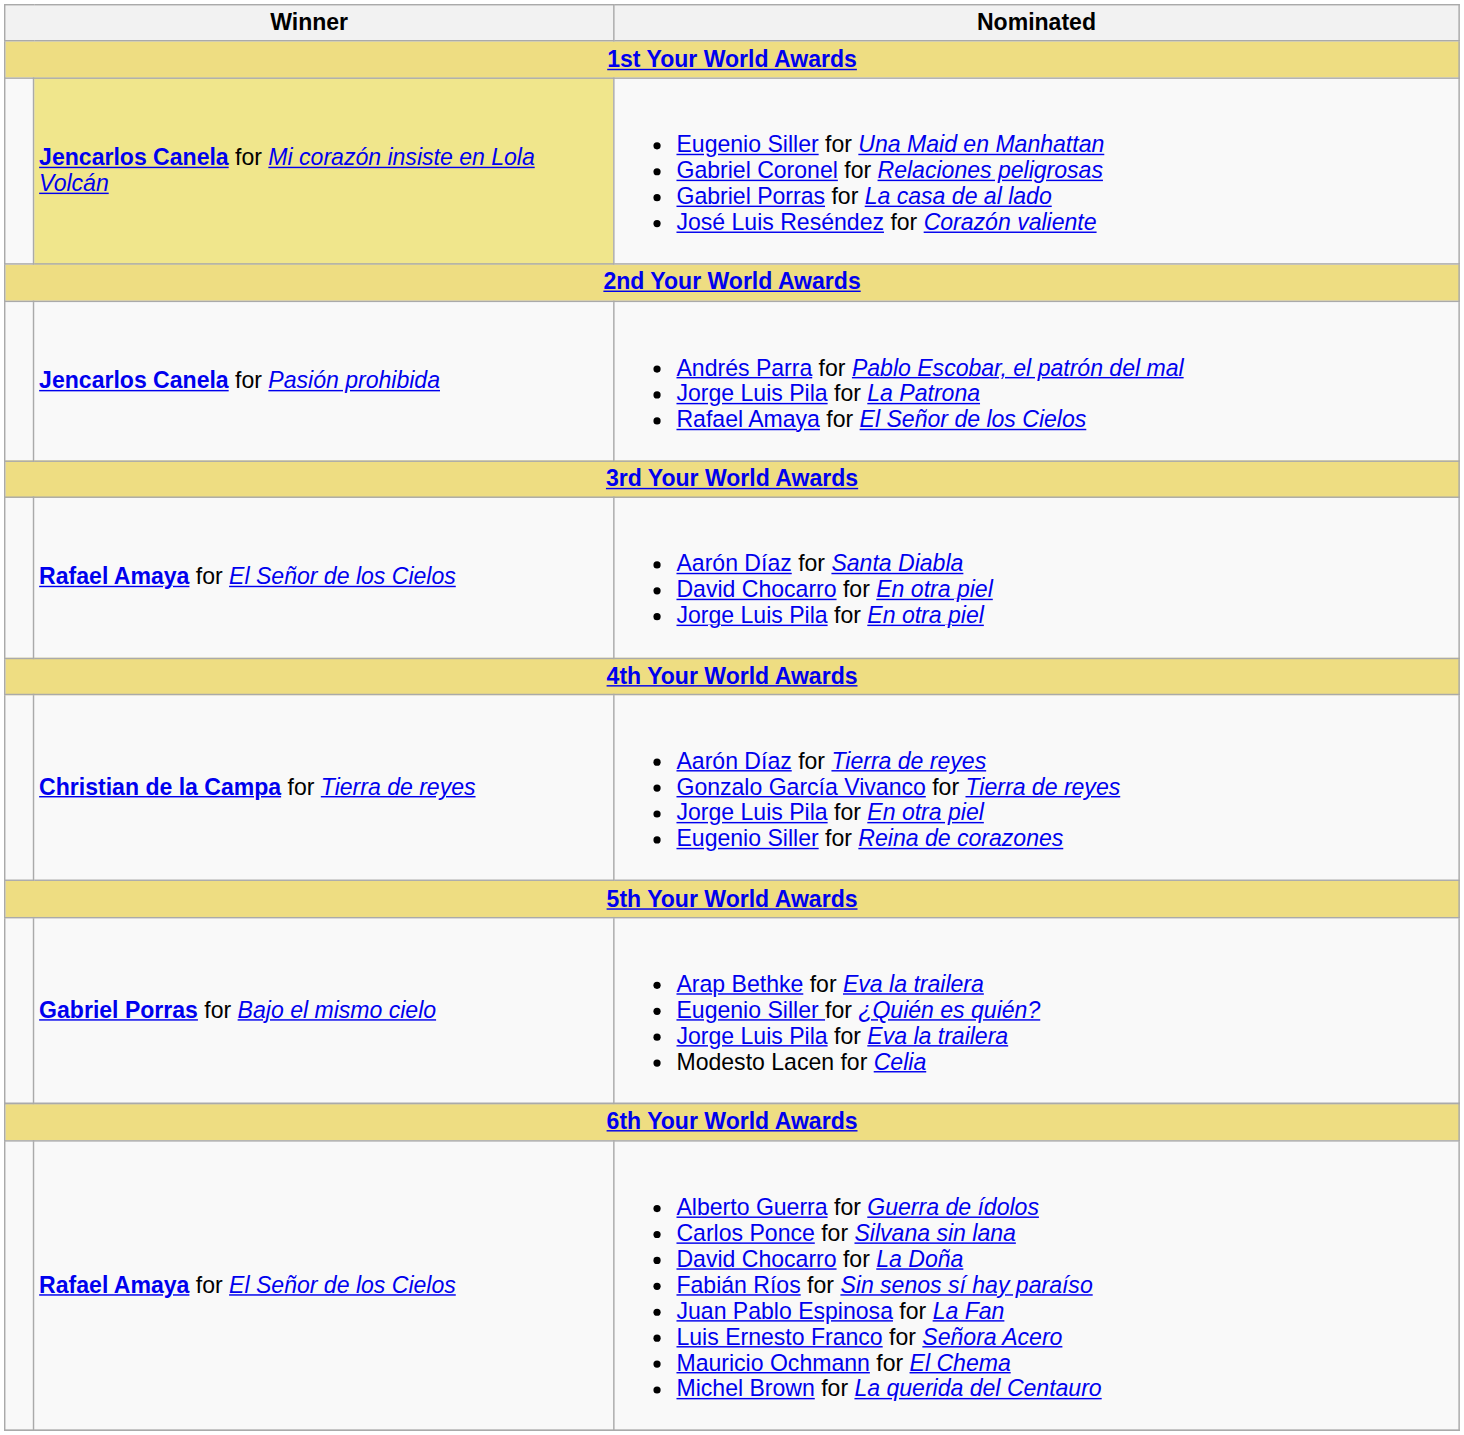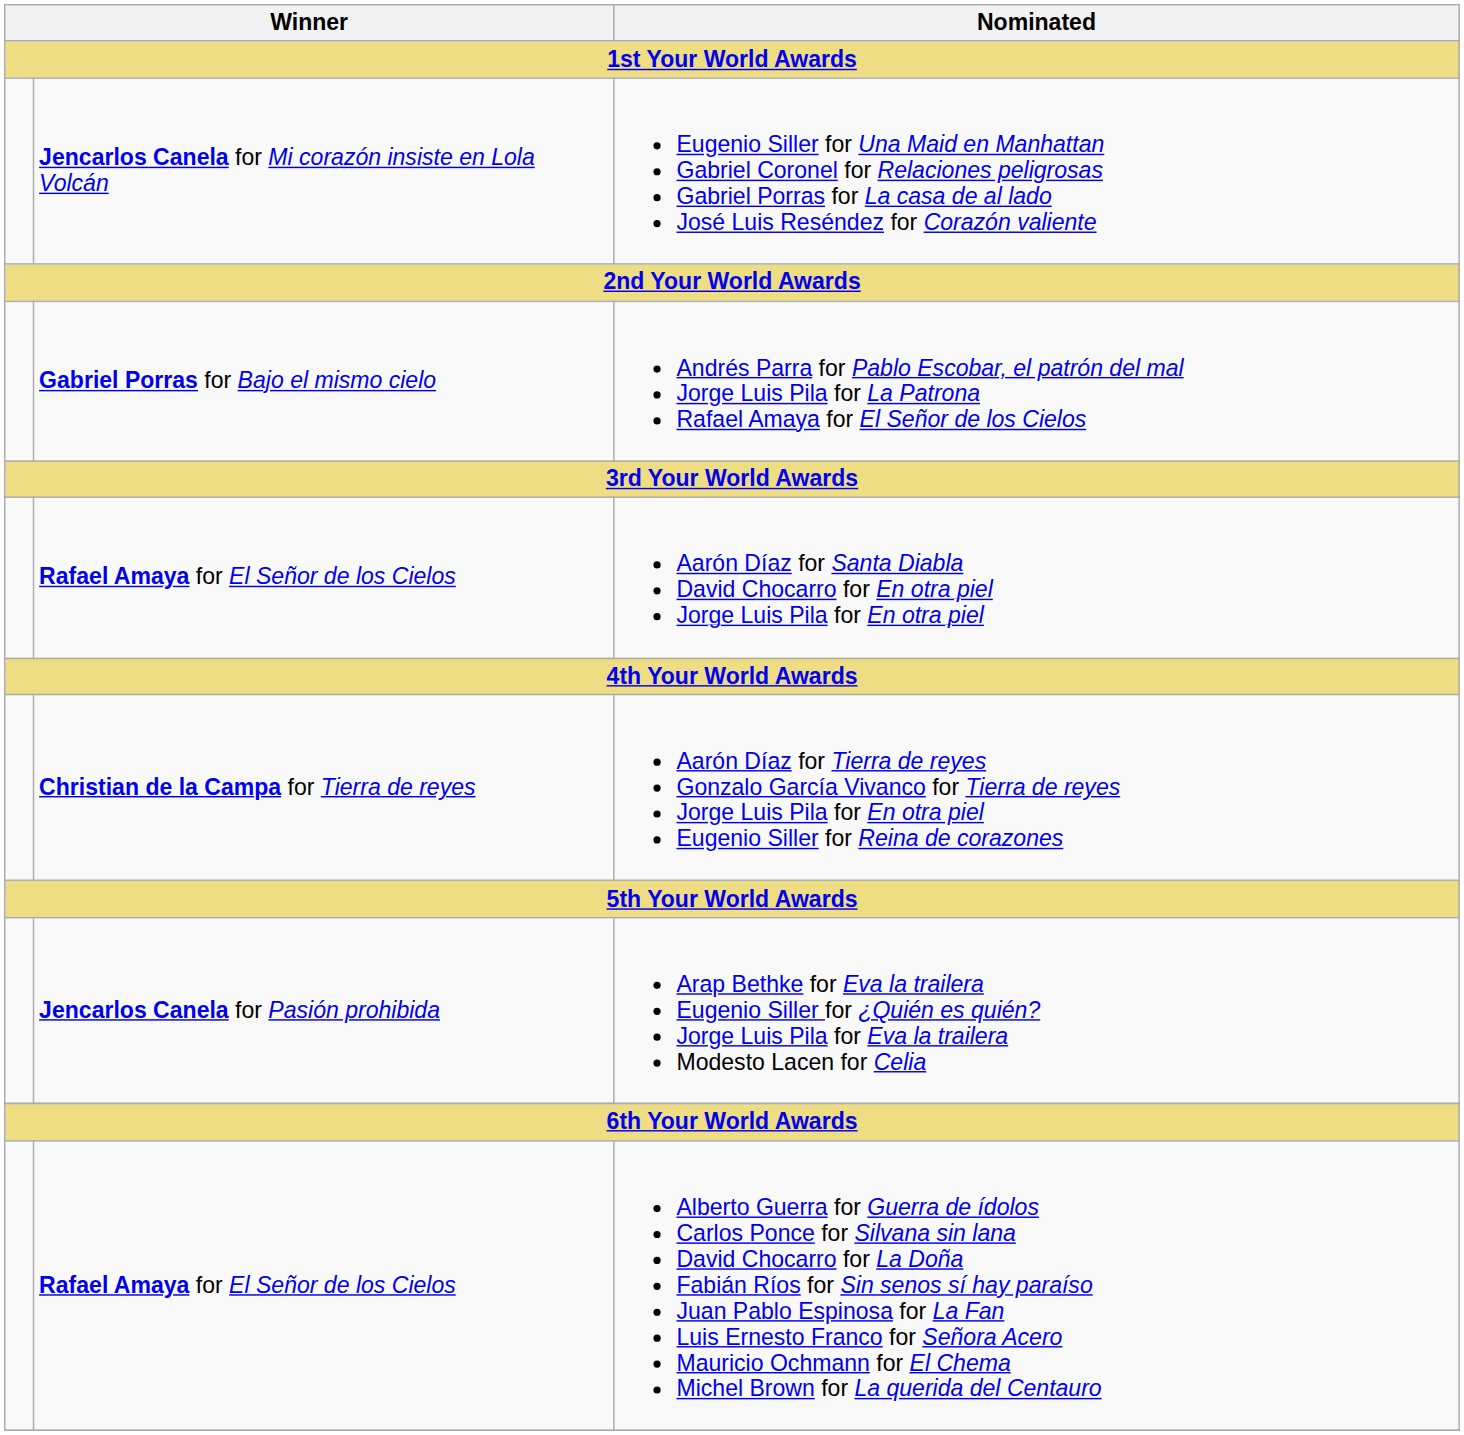 <table class="wikitable" width=80%>
 <tr align=center>
 <th width="150px;" colspan=2; align="center">Winner</th>
 <th width="580px;" align="center">Nominated</th>
 </tr>
 <tr>
 <th colspan=9 style="background:#EEDD82;"  align="center"><a href='#'>1st Your World Awards</a></th>
 </tr>
 <tr>
 <td width=2%></td>
-<td style="background: khaki;"><strong><a href='#'>Jencarlos Canela</a></strong> for <em><a href='#'>Mi corazón insiste en Lola Volcán</a></em></td>
+<td><strong><a href='#'>Jencarlos Canela</a></strong> for <em><a href='#'>Mi corazón insiste en Lola Volcán</a></em></td>
 <td><br><ul><li><a href='#'>Eugenio Siller</a> for <em><a href='#'>Una Maid en Manhattan</a></em></li><li><a href='#'>Gabriel Coronel</a> for <em><a href='#'>Relaciones peligrosas</a></em></li><li><a href='#'>Gabriel Porras</a> for <em><a href='#'>La casa de al lado</a></em></li><li><a href='#'>José Luis Reséndez</a> for <em><a href='#'>Corazón valiente</a></em></li></ul></td>
 </tr>
 <tr>
 <th colspan=9 style="background:#EEDD82;"  align="center"><a href='#'>2nd Your World Awards</a></th>
 </tr>
 <tr>
 <td width=2%></td>
-<td><strong><a href='#'>Jencarlos Canela</a></strong> for <em><a href='#'>Pasión prohibida</a></em></td>
+<td><strong><a href='#'>Gabriel Porras</a></strong> for <em><a href='#'>Bajo el mismo cielo</a></em></td>
 <td><br><ul><li><a href='#'>Andrés Parra</a> for <em><a href='#'>Pablo Escobar, el patrón del mal</a></em></li><li><a href='#'>Jorge Luis Pila</a> for <em><a href='#'>La Patrona</a></em></li><li><a href='#'>Rafael Amaya</a> for <em><a href='#'>El Señor de los Cielos</a></em></li></ul></td>
 </tr>
 <tr>
 <th colspan=9 style="background:#EEDD82;"  align="center"><a href='#'>3rd Your World Awards</a></th>
 </tr>
 <tr>
 <td width=2%></td>
 <td><strong><a href='#'>Rafael Amaya</a></strong> for <em><a href='#'>El Señor de los Cielos</a></em></td>
 <td><br><ul><li><a href='#'>Aarón Díaz</a> for <em><a href='#'>Santa Diabla</a></em></li><li><a href='#'>David Chocarro</a> for <em><a href='#'>En otra piel</a></em></li><li><a href='#'>Jorge Luis Pila</a> for <em><a href='#'>En otra piel</a></em></li></ul></td>
 </tr>
 <tr>
 <th colspan=9 style="background:#EEDD82;"  align="center"><a href='#'>4th Your World Awards</a></th>
 </tr>
 <tr>
 <td width=2%></td>
 <td><strong><a href='#'>Christian de la Campa</a></strong> for <em><a href='#'>Tierra de reyes</a></em></td>
 <td><br><ul><li><a href='#'>Aarón Díaz</a> for <em><a href='#'>Tierra de reyes</a></em></li><li><a href='#'>Gonzalo García Vivanco</a> for <em><a href='#'>Tierra de reyes</a></em></li><li><a href='#'>Jorge Luis Pila</a> for <em><a href='#'>En otra piel</a></em></li><li><a href='#'>Eugenio Siller</a> for <em><a href='#'>Reina de corazones</a></em></li></ul></td>
 </tr>
 <tr>
 <th colspan=9 style="background:#EEDD82;"  align="center"><a href='#'>5th Your World Awards</a></th>
 </tr>
 <tr>
 <td width=2%></td>
-<td><strong><a href='#'>Gabriel Porras</a></strong> for <em><a href='#'>Bajo el mismo cielo</a></em></td>
+<td><strong><a href='#'>Jencarlos Canela</a></strong> for <em><a href='#'>Pasión prohibida</a></em></td>
 <td><br><ul><li><a href='#'>Arap Bethke</a> for <em><a href='#'>Eva la trailera</a></em></li><li><a href='#'>Eugenio Siller </a> for <em><a href='#'>¿Quién es quién?</a></em></li><li><a href='#'>Jorge Luis Pila</a> for <em><a href='#'>Eva la trailera</a></em></li><li>Modesto Lacen for <em><a href='#'>Celia</a></em></li></ul></td>
 </tr>
 <tr>
 </tr>
 <tr>
 <th colspan=9 style="background:#EEDD82;"  align="center"><a href='#'>6th Your World Awards</a></th>
 </tr>
 <tr>
 <td width=2%></td>
 <td><strong><a href='#'>Rafael Amaya</a></strong> for <em><a href='#'>El Señor de los Cielos</a></em></td>
 <td><br><ul><li><a href='#'>Alberto Guerra</a> for <em><a href='#'>Guerra de ídolos</a></em></li><li><a href='#'>Carlos Ponce</a> for <em><a href='#'>Silvana sin lana</a></em></li><li><a href='#'>David Chocarro</a> for <em><a href='#'>La Doña</a></em></li><li><a href='#'>Fabián Ríos</a> for <em><a href='#'>Sin senos sí hay paraíso</a></em></li><li><a href='#'>Juan Pablo Espinosa</a> for <em><a href='#'>La Fan</a></em></li><li><a href='#'>Luis Ernesto Franco</a> for <em><a href='#'>Señora Acero</a></em></li><li><a href='#'>Mauricio Ochmann</a> for <em><a href='#'>El Chema</a></em></li><li><a href='#'>Michel Brown</a> for <em><a href='#'>La querida del Centauro</a></em></li></ul></td>
 </tr>
 <tr>
 </tr>
 </table>
